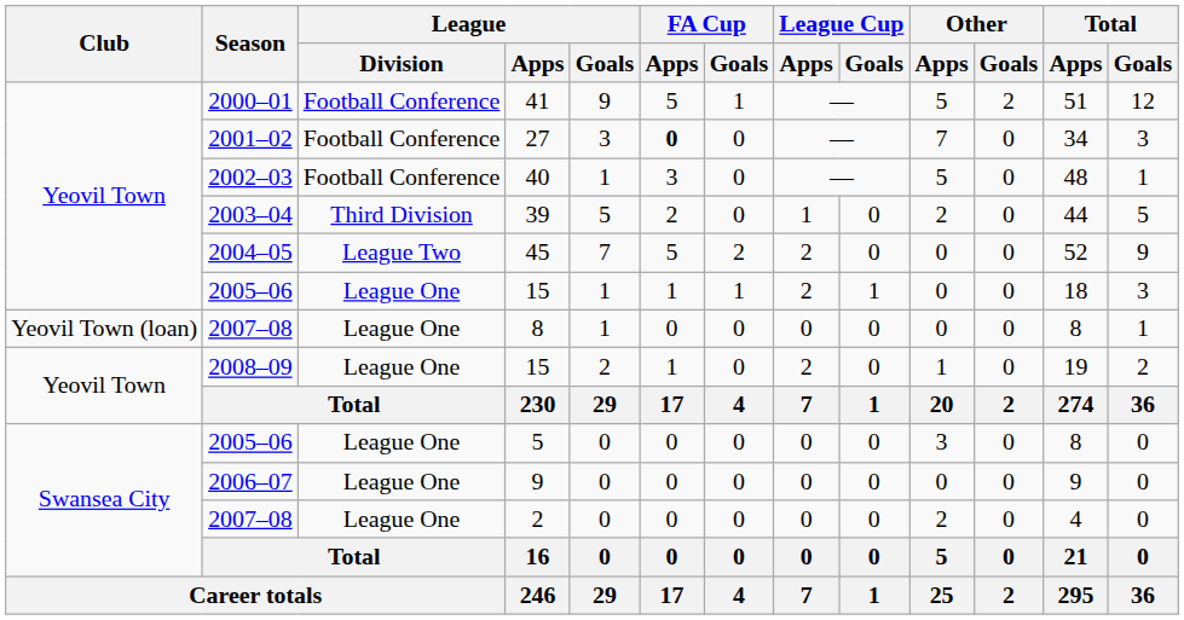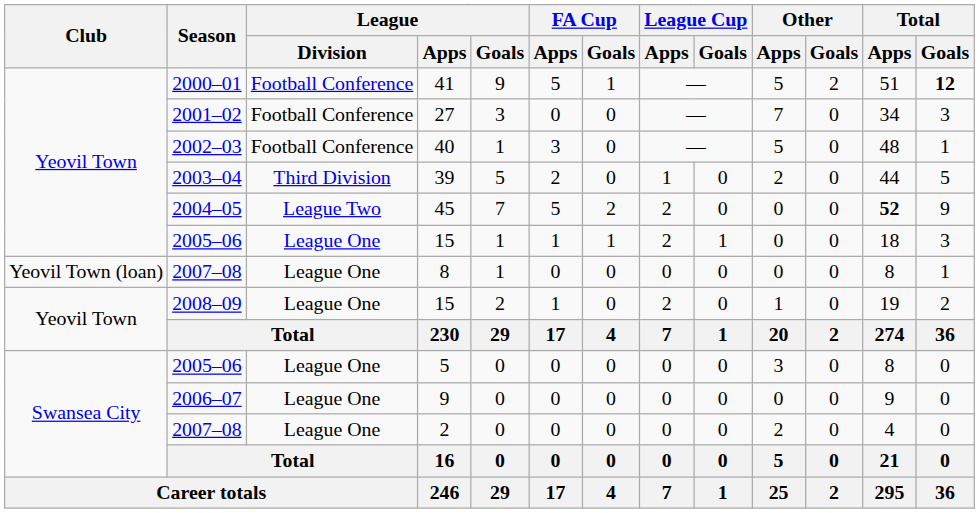 <table class="wikitable" style="text-align: center;">
 <tr>
 <th rowspan="2">Club</th>
 <th rowspan="2">Season</th>
 <th colspan="3">League</th>
 <th colspan="2"><a href='#'>FA Cup</a></th>
 <th colspan="2"><a href='#'>League Cup</a></th>
 <th colspan="2">Other</th>
 <th colspan="2">Total</th>
 </tr>
 <tr>
 <th>Division</th>
 <th>Apps</th>
 <th>Goals</th>
 <th>Apps</th>
 <th>Goals</th>
 <th>Apps</th>
 <th>Goals</th>
 <th>Apps</th>
 <th>Goals</th>
 <th>Apps</th>
 <th>Goals</th>
 </tr>
 <tr>
 <td rowspan="6"><a href='#'>Yeovil Town</a></td>
 <td><a href='#'>2000–01</a></td>
 <td><a href='#'>Football Conference</a></td>
 <td>41</td>
 <td>9</td>
 <td>5</td>
 <td>1</td>
 <td colspan="2">—</td>
 <td>5</td>
 <td>2</td>
 <td>51</td>
-<td>12</td>
+<td><strong>12</strong></td>
 </tr>
 <tr>
 <td><a href='#'>2001–02</a></td>
 <td>Football Conference</td>
 <td>27</td>
 <td>3</td>
-<td><strong>0</strong></td>
+<td>0</td>
 <td>0</td>
 <td colspan="2">—</td>
 <td>7</td>
 <td>0</td>
 <td>34</td>
 <td>3</td>
 </tr>
 <tr>
 <td><a href='#'>2002–03</a></td>
 <td>Football Conference</td>
 <td>40</td>
 <td>1</td>
 <td>3</td>
 <td>0</td>
 <td colspan="2">—</td>
 <td>5</td>
 <td>0</td>
 <td>48</td>
 <td>1</td>
 </tr>
 <tr>
 <td><a href='#'>2003–04</a></td>
 <td><a href='#'>Third Division</a></td>
 <td>39</td>
 <td>5</td>
 <td>2</td>
 <td>0</td>
 <td>1</td>
 <td>0</td>
 <td>2</td>
 <td>0</td>
 <td>44</td>
 <td>5</td>
 </tr>
 <tr>
 <td><a href='#'>2004–05</a></td>
 <td><a href='#'>League Two</a></td>
 <td>45</td>
 <td>7</td>
 <td>5</td>
 <td>2</td>
 <td>2</td>
 <td>0</td>
 <td>0</td>
 <td>0</td>
-<td>52</td>
+<td><strong>52</strong></td>
 <td>9</td>
 </tr>
 <tr>
 <td><a href='#'>2005–06</a></td>
 <td><a href='#'>League One</a></td>
 <td>15</td>
 <td>1</td>
 <td>1</td>
 <td>1</td>
 <td>2</td>
 <td>1</td>
 <td>0</td>
 <td>0</td>
 <td>18</td>
 <td>3</td>
 </tr>
 <tr>
 <td>Yeovil Town (loan)</td>
 <td><a href='#'>2007–08</a></td>
 <td>League One</td>
 <td>8</td>
 <td>1</td>
 <td>0</td>
 <td>0</td>
 <td>0</td>
 <td>0</td>
 <td>0</td>
 <td>0</td>
 <td>8</td>
 <td>1</td>
 </tr>
 <tr>
 <td rowspan="2">Yeovil Town</td>
 <td><a href='#'>2008–09</a></td>
 <td>League One</td>
 <td>15</td>
 <td>2</td>
 <td>1</td>
 <td>0</td>
 <td>2</td>
 <td>0</td>
 <td>1</td>
 <td>0</td>
 <td>19</td>
 <td>2</td>
 </tr>
 <tr>
 <th colspan=2>Total</th>
 <th>230</th>
 <th>29</th>
 <th>17</th>
 <th>4</th>
 <th>7</th>
 <th>1</th>
 <th>20</th>
 <th>2</th>
 <th>274</th>
 <th>36</th>
 </tr>
 <tr>
 <td rowspan="4"><a href='#'>Swansea City</a></td>
 <td><a href='#'>2005–06</a></td>
 <td>League One</td>
 <td>5</td>
 <td>0</td>
 <td>0</td>
 <td>0</td>
 <td>0</td>
 <td>0</td>
 <td>3</td>
 <td>0</td>
 <td>8</td>
 <td>0</td>
 </tr>
 <tr>
 <td><a href='#'>2006–07</a></td>
 <td>League One</td>
 <td>9</td>
 <td>0</td>
 <td>0</td>
 <td>0</td>
 <td>0</td>
 <td>0</td>
 <td>0</td>
 <td>0</td>
 <td>9</td>
 <td>0</td>
 </tr>
 <tr>
 <td><a href='#'>2007–08</a></td>
 <td>League One</td>
 <td>2</td>
 <td>0</td>
 <td>0</td>
 <td>0</td>
 <td>0</td>
 <td>0</td>
 <td>2</td>
 <td>0</td>
 <td>4</td>
 <td>0</td>
 </tr>
 <tr>
 <th colspan=2>Total</th>
 <th>16</th>
 <th>0</th>
 <th>0</th>
 <th>0</th>
 <th>0</th>
 <th>0</th>
 <th>5</th>
 <th>0</th>
 <th>21</th>
 <th>0</th>
 </tr>
 <tr>
 <th colspan=3>Career totals</th>
 <th>246</th>
 <th>29</th>
 <th>17</th>
 <th>4</th>
 <th>7</th>
 <th>1</th>
 <th>25</th>
 <th>2</th>
 <th>295</th>
 <th>36</th>
 </tr>
 </table>
